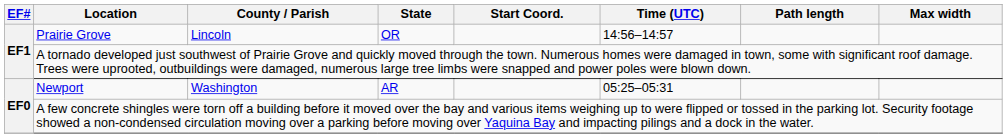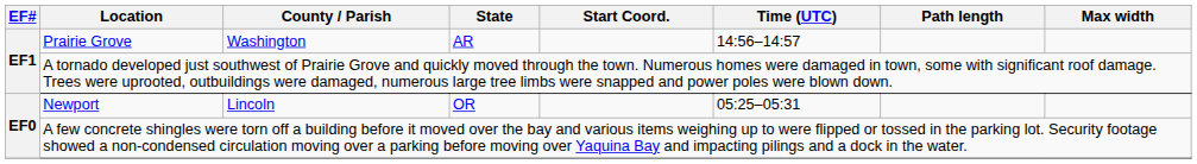 <table class="wikitable sortable" style="width:100%;">
 <tr>
 <th scope="col" width="2%" align="center"><a href='#'>EF#</a></th>
 <th scope="col" align="center" class="unsortable">Location</th>
 <th scope="col" align="center" class="unsortable">County / Parish</th>
 <th scope="col" align="center">State</th>
 <th scope="col" align="center">Start Coord.</th>
 <th scope="col" align="center">Time (<a href='#'>UTC</a>)</th>
 <th scope="col" align="center">Path length</th>
 <th scope="col" align="center">Max width</th>
 </tr>
 <tr>
 <th scope="row" rowspan="2" style="background-color:#">EF1</th>
 <td><a href='#'>Prairie Grove</a></td>
-<td><a href='#'>Lincoln</a></td>
-<td><a href='#'>OR</a></td>
+<td><a href='#'>Washington</a></td>
+<td><a href='#'>AR</a></td>
 <td></td>
 <td>14:56–14:57</td>
 <td></td>
 <td></td>
 </tr>
 <tr class="expand-child">
 <td colspan="8" style=" border-bottom: 1px solid black;">A tornado developed just southwest of Prairie Grove and quickly moved through the town. Numerous homes were damaged in town, some with significant roof damage. Trees were uprooted, outbuildings were damaged, numerous large tree limbs were snapped and power poles were blown down.</td>
 </tr>
 <tr>
 <th scope="row" rowspan="2" style="background-color:#">EF0</th>
 <td><a href='#'>Newport</a></td>
-<td><a href='#'>Washington</a></td>
-<td><a href='#'>AR</a></td>
+<td><a href='#'>Lincoln</a></td>
+<td><a href='#'>OR</a></td>
 <td></td>
 <td>05:25–05:31</td>
 <td></td>
 <td></td>
 </tr>
 <tr class="expand-child">
 <td colspan="8" style=" border-bottom: 1px solid black;">A few concrete shingles were torn off a building before it moved over the bay and various items weighing up to  were flipped or tossed in the parking lot. Security footage showed a non-condensed circulation moving over a parking before moving over <a href='#'>Yaquina Bay</a> and impacting pilings and a dock in the water.</td>
 </tr>
 <tr>
 </tr>
 </table>
